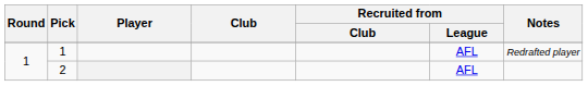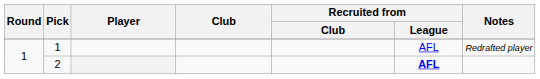 <table class="wikitable sortable plainrowheaders" style="text-align:center;">
 <tr>
 <th rowspan="2">Round</th>
 <th rowspan="2">Pick</th>
 <th rowspan="2" style="width: 110pt">Player</th>
 <th rowspan="2" style="width: 100pt">Club</th>
 <th colspan="2">Recruited from</th>
 <th class="unsortable" rowspan=2>Notes</th>
 </tr>
 <tr>
 <th style="width: 130pt">Club</th>
 <th style="width: 70pt">League</th>
 </tr>
 <tr>
 </tr>
 <tr>
 <td rowspan="2">1</td>
 <td>1</td>
 <td align=left><em></em></td>
 <td></td>
 <td></td>
 <td><a href='#'>AFL</a></td>
 <td style="text-align:left;"><em><small>Redrafted player</small></em></td>
 </tr>
 <tr>
 <td>2</td>
 <th scope="row"></th>
 <td></td>
 <td></td>
-<td><a href='#'>AFL</a></td>
+<td><strong><a href='#'>AFL</a></strong></td>
 <td></td>
 </tr>
 </table>
